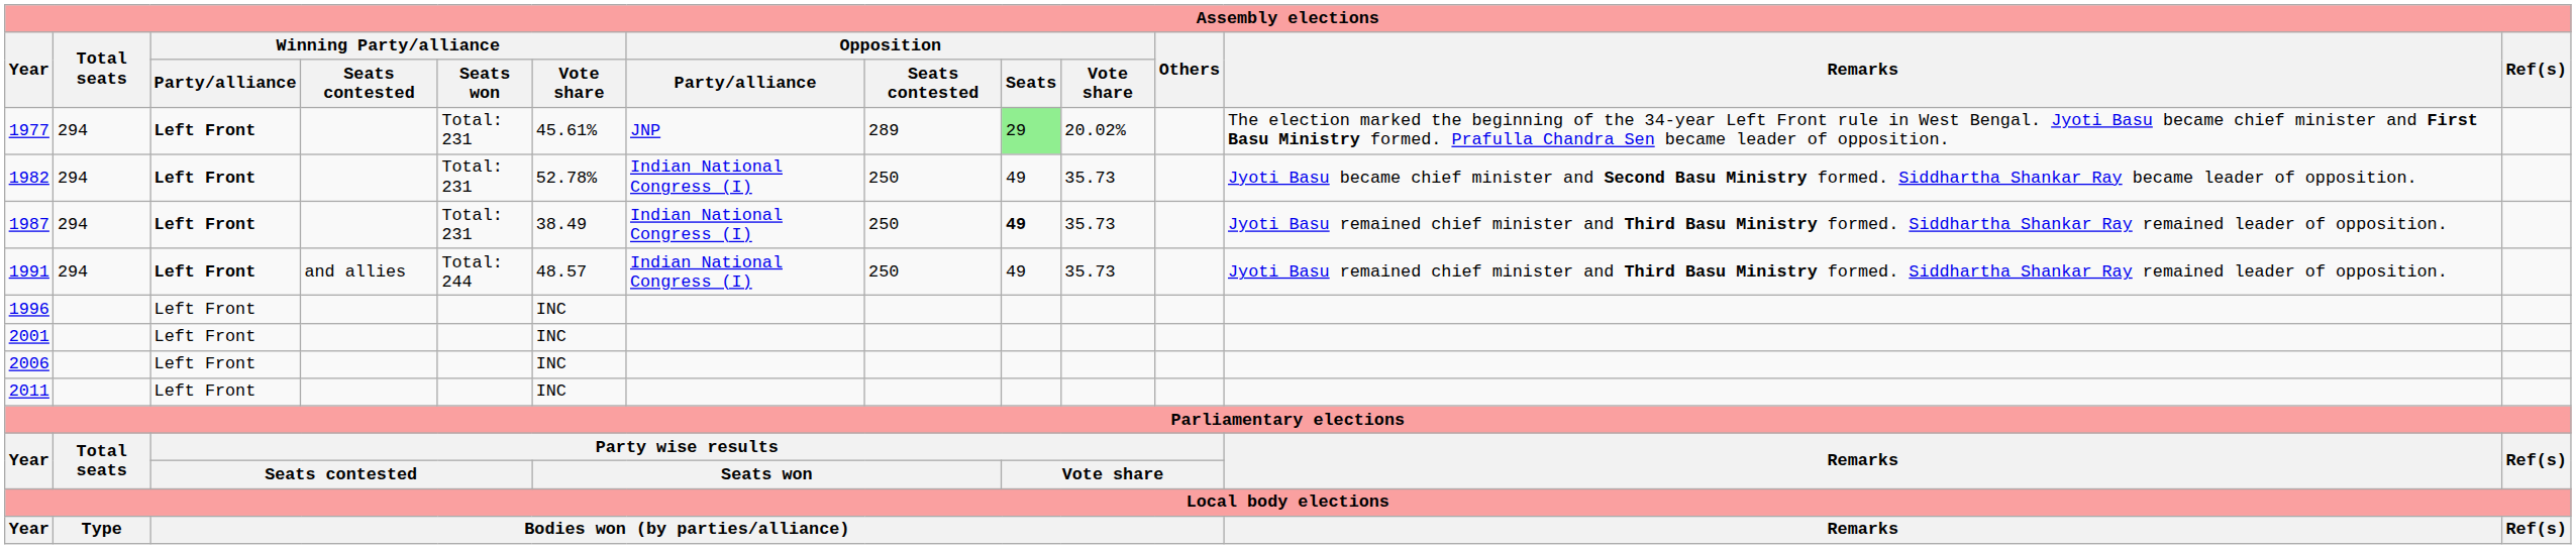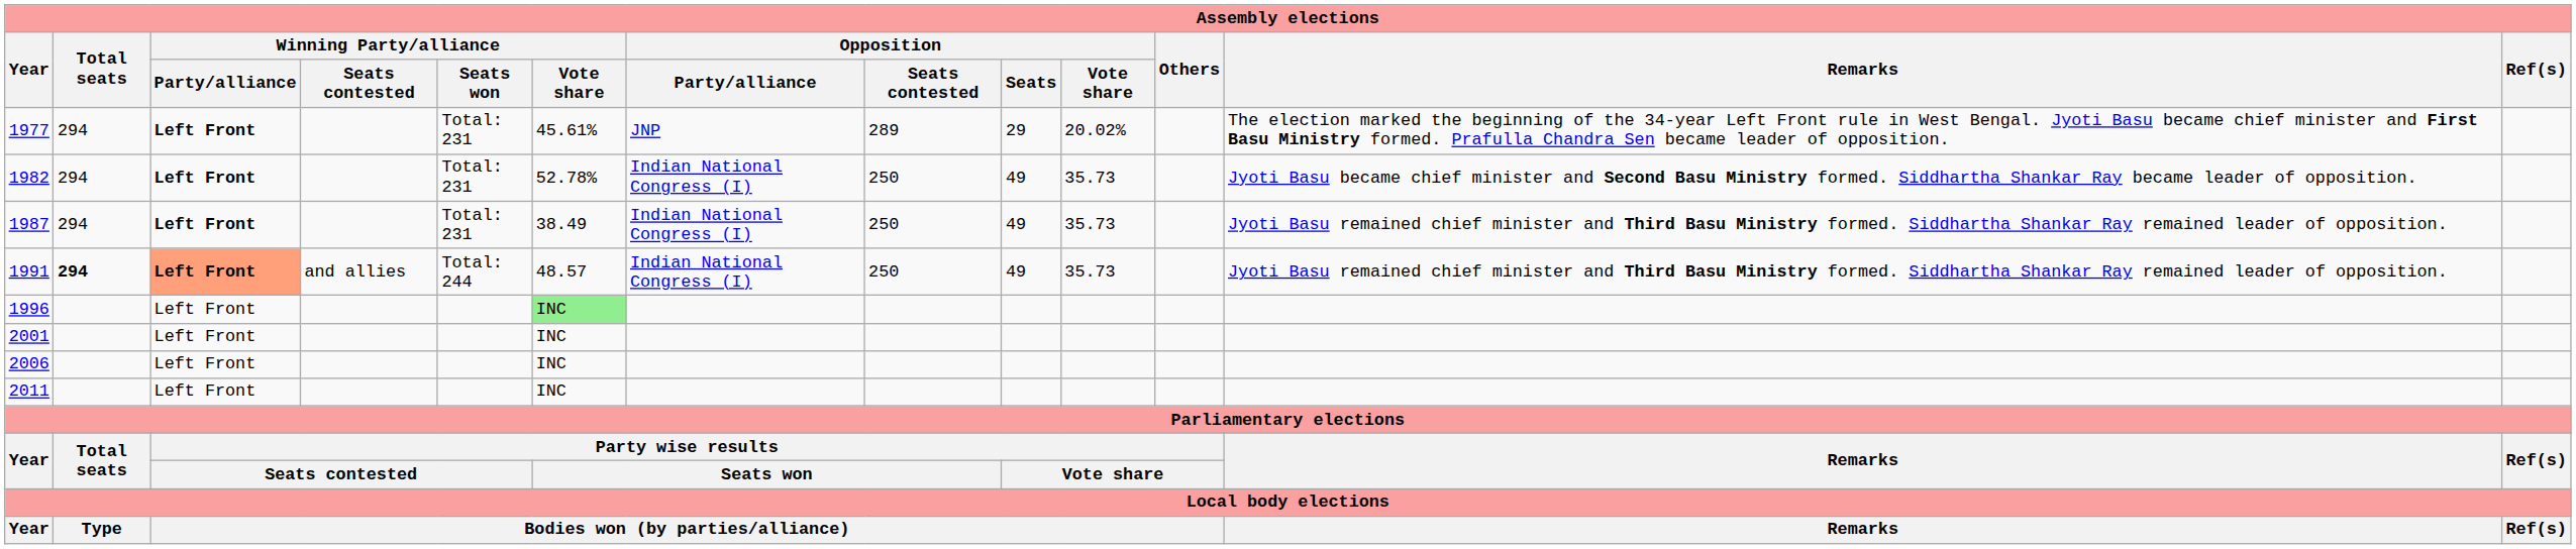 <table class="wikitable">
 <tr>
 <th colspan="13" style="background: #FAA0A0;">Assembly elections</th>
 </tr>
 <tr>
 <th colspan="1" rowspan="2">Year</th>
 <th colspan="1" rowspan="2">Total seats</th>
 <th colspan="4">Winning Party/alliance</th>
 <th colspan="4">Opposition</th>
 <th colspan="1" rowspan="2">Others</th>
 <th colspan="1" rowspan="2">Remarks</th>
 <th colspan="1" rowspan="2">Ref(s)</th>
 </tr>
 <tr>
 <th colspan="1">Party/alliance</th>
 <th colspan="1">Seats contested</th>
 <th colspan="1">Seats won</th>
 <th colspan="1">Vote share</th>
 <th colspan="1">Party/alliance</th>
 <th colspan="1">Seats contested</th>
 <th colspan="1">Seats</th>
 <th colspan="1">Vote share</th>
 </tr>
 <tr>
 <td colspan="1"><a href='#'>1977</a></td>
 <td>294</td>
 <td><strong>Left Front</strong> </td>
 <td></td>
 <td>Total: 231 </td>
 <td>45.61%</td>
 <td><a href='#'>JNP</a></td>
 <td>289</td>
-<td style="background: lightgreen;">29</td>
+<td>29</td>
 <td>20.02%</td>
 <td></td>
 <td>The election marked the beginning of the 34-year Left Front rule in West Bengal. <a href='#'>Jyoti Basu</a> became chief minister and <strong>First Basu Ministry</strong> formed. <a href='#'>Prafulla Chandra Sen</a> became leader of opposition.</td>
 <td></td>
 </tr>
 <tr>
 <td colspan="1"><a href='#'>1982</a></td>
 <td>294</td>
 <td><strong>Left Front</strong> </td>
 <td></td>
 <td>Total: 231 </td>
 <td>52.78%</td>
 <td><a href='#'>Indian National Congress (I)</a></td>
 <td>250</td>
 <td>49</td>
 <td>35.73</td>
 <td></td>
 <td><a href='#'>Jyoti Basu</a> became chief minister and <strong>Second Basu Ministry</strong> formed. <a href='#'>Siddhartha Shankar Ray</a> became leader of opposition.</td>
 <td></td>
 </tr>
 <tr>
 <td colspan="1"><a href='#'>1987</a></td>
 <td>294</td>
 <td><strong>Left Front</strong> </td>
 <td></td>
 <td>Total: 231 </td>
 <td>38.49</td>
 <td><a href='#'>Indian National Congress (I)</a></td>
 <td>250</td>
-<td><strong>49</strong></td>
+<td>49</td>
 <td>35.73</td>
 <td></td>
 <td><a href='#'>Jyoti Basu</a> remained chief minister and <strong>Third Basu Ministry</strong> formed. <a href='#'>Siddhartha Shankar Ray</a> remained leader of opposition.</td>
 <td></td>
 </tr>
 <tr>
 <td colspan="1"><a href='#'>1991</a></td>
-<td>294</td>
-<td><strong>Left Front</strong> </td>
+<td><strong>294</strong></td>
+<td style="background: lightsalmon;"><strong>Left Front</strong> </td>
 <td> and allies  </td>
 <td>Total: 244 </td>
 <td>48.57</td>
 <td><a href='#'>Indian National Congress (I)</a></td>
 <td>250</td>
 <td>49</td>
 <td>35.73</td>
 <td></td>
 <td><a href='#'>Jyoti Basu</a> remained chief minister and <strong>Third Basu Ministry</strong> formed. <a href='#'>Siddhartha Shankar Ray</a> remained leader of opposition.</td>
 <td></td>
 </tr>
 <tr>
 <td colspan="1"><a href='#'>1996</a></td>
 <td></td>
 <td colspan="1">Left Front</td>
 <td colspan="1"></td>
 <td colspan="1"></td>
-<td colspan="1">INC</td>
+<td colspan="1" style="background: lightgreen;">INC</td>
 <td colspan="1"></td>
 <td colspan="1"></td>
 <td colspan="1"></td>
 <td></td>
 <td></td>
 <td></td>
 <td></td>
 </tr>
 <tr>
 <td colspan="1"><a href='#'>2001</a></td>
 <td></td>
 <td colspan="1">Left Front</td>
 <td colspan="1"></td>
 <td colspan="1"></td>
 <td colspan="1">INC</td>
 <td colspan="1"></td>
 <td colspan="1"></td>
 <td colspan="1"></td>
 <td></td>
 <td></td>
 <td></td>
 <td></td>
 </tr>
 <tr>
 <td colspan="1"><a href='#'>2006</a></td>
 <td></td>
 <td colspan="1">Left Front</td>
 <td colspan="1"></td>
 <td colspan="1"></td>
 <td colspan="1">INC</td>
 <td colspan="1"></td>
 <td colspan="1"></td>
 <td colspan="1"></td>
 <td></td>
 <td></td>
 <td></td>
 <td></td>
 </tr>
 <tr>
 <td colspan="1"><a href='#'>2011</a></td>
 <td></td>
 <td colspan="1">Left Front</td>
 <td colspan="1"></td>
 <td colspan="1"></td>
 <td colspan="1">INC</td>
 <td colspan="1"></td>
 <td colspan="1"></td>
 <td colspan="1"></td>
 <td></td>
 <td></td>
 <td></td>
 <td></td>
 </tr>
 <tr>
 <th colspan="13" style="background: #FAA0A0;">Parliamentary elections</th>
 </tr>
 <tr>
 <th colspan="1" rowspan="2">Year</th>
 <th colspan="1" rowspan="2">Total seats</th>
 <th colspan="9">Party wise results</th>
 <th colspan="1" rowspan="2">Remarks</th>
 <th colspan="1" rowspan="2">Ref(s)</th>
 </tr>
 <tr>
 <th colspan="3">Seats contested</th>
 <th colspan="3">Seats won</th>
 <th colspan="3">Vote share</th>
 </tr>
 <tr>
 <th colspan="13" style="background: #FAA0A0;">Local body elections</th>
 </tr>
 <tr>
 <th colspan="1" rowspan="2">Year</th>
 <th colspan="1" rowspan="2">Type</th>
 <th colspan="9">Bodies won (by parties/alliance)</th>
 <th colspan="1" rowspan="2">Remarks</th>
 <th colspan="1" rowspan="2">Ref(s)</th>
 </tr>
 </table>
